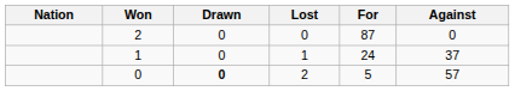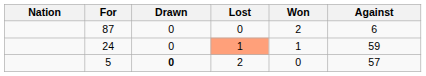 <table class="wikitable" style="width:50%;text-align:center">
 <tr>
 <th>Nation</th>
-<th>Won</th>
+<th>For</th>
 <th>Drawn</th>
 <th>Lost</th>
-<th>For</th>
+<th>Won</th>
 <th>Against</th>
 </tr>
 <tr>
 <td align=left></td>
-<td>2</td>
+<td>87</td>
 <td>0</td>
 <td>0</td>
-<td>87</td>
-<td>0</td>
+<td>2</td>
+<td>6</td>
 </tr>
 <tr>
 <td align=left></td>
+<td>24</td>
+<td>0</td>
+<td style="background: lightsalmon;">1</td>
 <td>1</td>
-<td>0</td>
-<td>1</td>
-<td>24</td>
-<td>37</td>
+<td>59</td>
 </tr>
 <tr>
 <td align=left></td>
-<td>0</td>
+<td>5</td>
 <td><strong>0</strong></td>
 <td>2</td>
-<td>5</td>
+<td>0</td>
 <td>57</td>
 </tr>
 </table>
